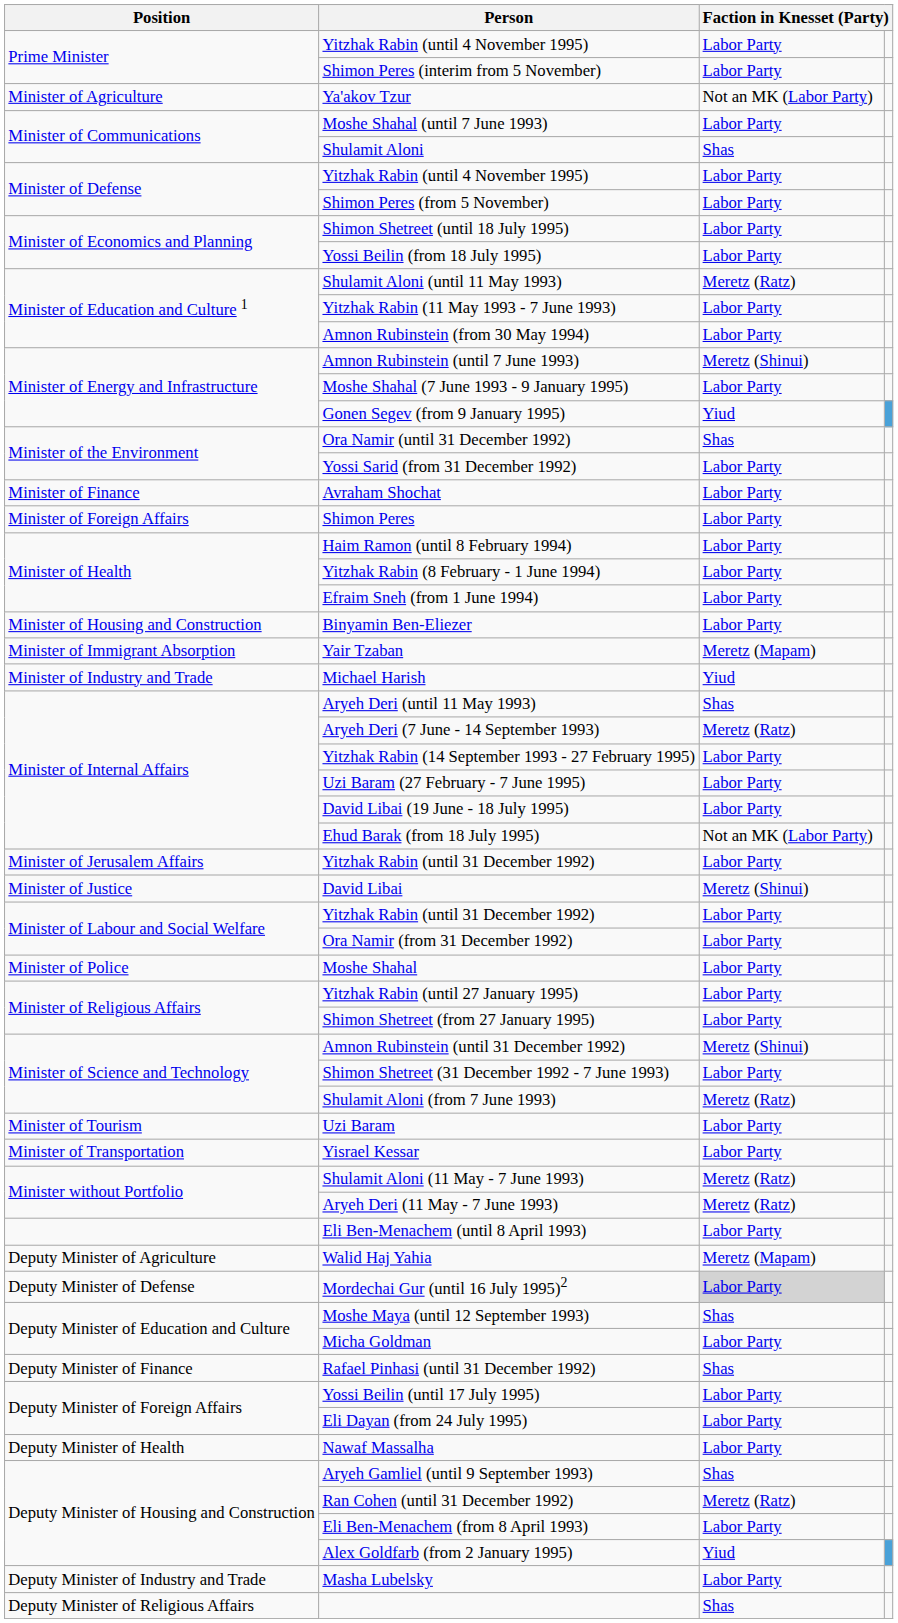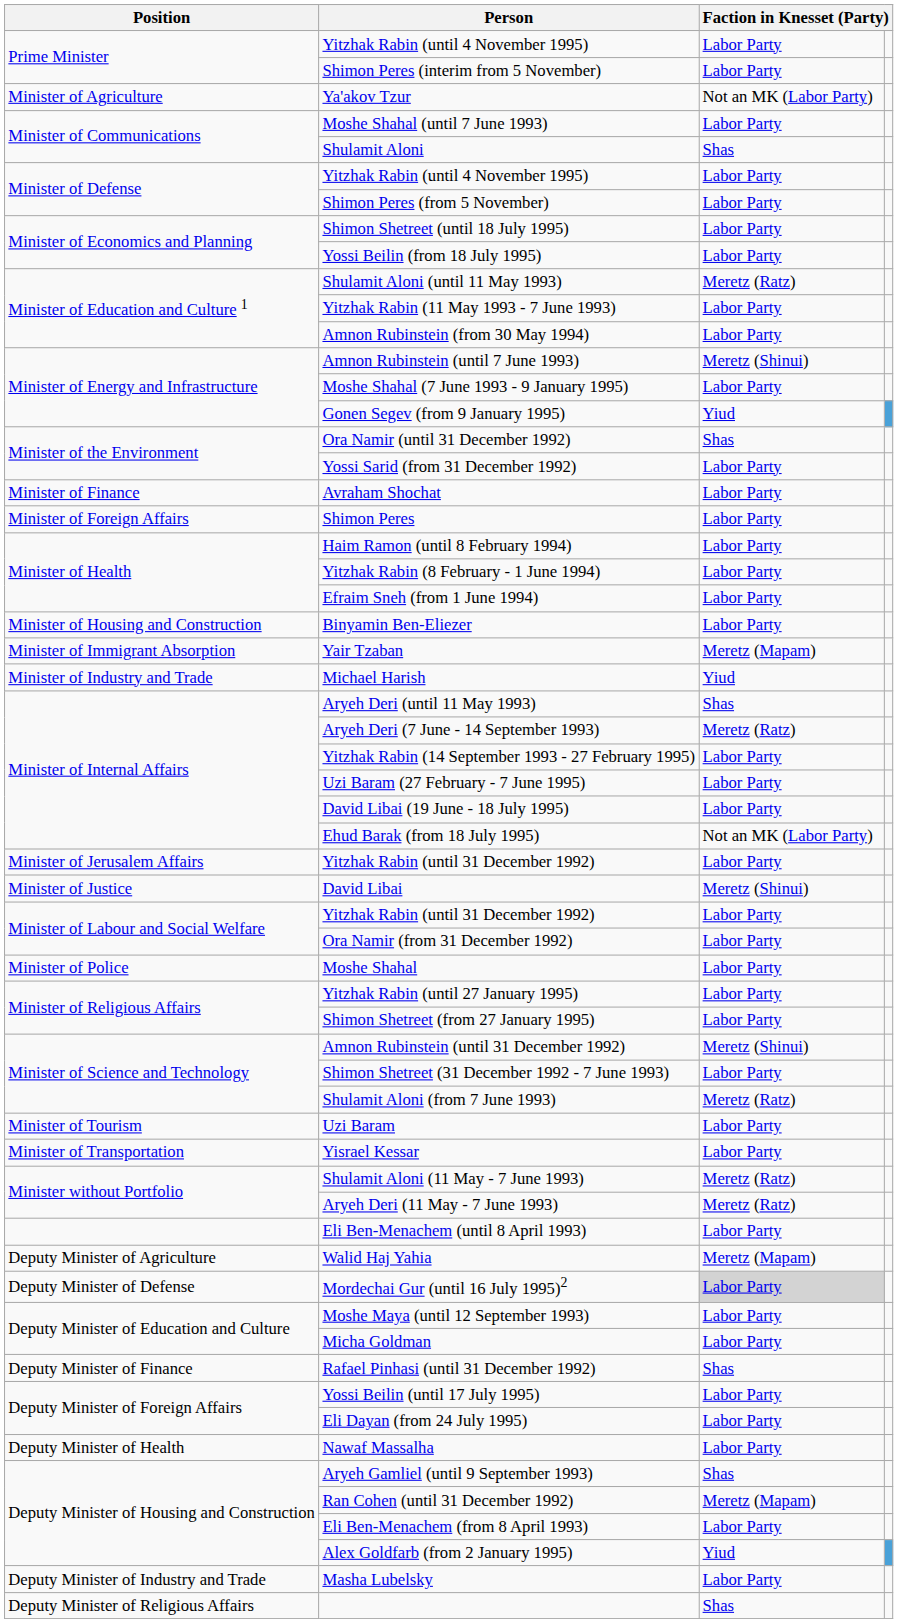 <table class=wikitable style="text-align:left">
 <tr>
 <th>Position</th>
 <th>Person</th>
 <th colspan=2>Faction in Knesset (Party)</th>
 </tr>
 <tr>
 <td rowspan=2><a href='#'>Prime Minister</a></td>
 <td><a href='#'>Yitzhak Rabin</a> (until 4 November 1995)</td>
 <td><a href='#'>Labor Party</a></td>
 <td style="background:"></td>
 </tr>
 <tr>
 <td><a href='#'>Shimon Peres</a> (interim from 5 November)</td>
 <td><a href='#'>Labor Party</a></td>
 <td style="background:"></td>
 </tr>
 <tr>
 <td><a href='#'>Minister of Agriculture</a></td>
 <td><a href='#'>Ya'akov Tzur</a></td>
 <td>Not an MK (<a href='#'>Labor Party</a>)</td>
 <td style="background:"></td>
 </tr>
 <tr>
 <td rowspan=2><a href='#'>Minister of Communications</a></td>
 <td><a href='#'>Moshe Shahal</a> (until 7 June 1993)</td>
 <td><a href='#'>Labor Party</a></td>
 <td style="background:"></td>
 </tr>
 <tr>
 <td><a href='#'>Shulamit Aloni</a></td>
 <td><a href='#'>Shas</a></td>
 <td style="background:"></td>
 </tr>
 <tr>
 <td rowspan=2><a href='#'>Minister of Defense</a></td>
 <td><a href='#'>Yitzhak Rabin</a> (until 4 November 1995)</td>
 <td><a href='#'>Labor Party</a></td>
 <td style="background:"></td>
 </tr>
 <tr>
 <td><a href='#'>Shimon Peres</a> (from 5 November)</td>
 <td><a href='#'>Labor Party</a></td>
 <td style="background:"></td>
 </tr>
 <tr>
 <td rowspan=2><a href='#'>Minister of Economics and Planning</a></td>
 <td><a href='#'>Shimon Shetreet</a> (until 18 July 1995)</td>
 <td><a href='#'>Labor Party</a></td>
 <td style="background:"></td>
 </tr>
 <tr>
 <td><a href='#'>Yossi Beilin</a> (from 18 July 1995)</td>
 <td><a href='#'>Labor Party</a></td>
 <td style="background:"></td>
 </tr>
 <tr>
 <td rowspan=3><a href='#'>Minister of Education and Culture</a> <sup>1</sup></td>
 <td><a href='#'>Shulamit Aloni</a> (until 11 May 1993)</td>
 <td><a href='#'>Meretz</a> (<a href='#'>Ratz</a>)</td>
 <td style="background:"></td>
 </tr>
 <tr>
 <td><a href='#'>Yitzhak Rabin</a> (11 May 1993 - 7 June 1993)</td>
 <td><a href='#'>Labor Party</a></td>
 <td style="background:"></td>
 </tr>
 <tr>
 <td><a href='#'>Amnon Rubinstein</a> (from 30 May 1994)</td>
 <td><a href='#'>Labor Party</a></td>
 <td style="background:"></td>
 </tr>
 <tr>
 <td rowspan=3><a href='#'>Minister of Energy and Infrastructure</a></td>
 <td><a href='#'>Amnon Rubinstein</a> (until 7 June 1993)</td>
 <td><a href='#'>Meretz</a> (<a href='#'>Shinui</a>)</td>
 <td style="background:"></td>
 </tr>
 <tr>
 <td><a href='#'>Moshe Shahal</a> (7 June 1993 - 9 January 1995)</td>
 <td><a href='#'>Labor Party</a></td>
 <td style="background:"></td>
 </tr>
 <tr>
 <td><a href='#'>Gonen Segev</a> (from 9 January 1995)</td>
 <td><a href='#'>Yiud</a></td>
 <td style="background:#49A1D8"></td>
 </tr>
 <tr>
 <td rowspan=2><a href='#'>Minister of the Environment</a></td>
 <td><a href='#'>Ora Namir</a> (until 31 December 1992)</td>
 <td><a href='#'>Shas</a></td>
 <td style="background:"></td>
 </tr>
 <tr>
 <td><a href='#'>Yossi Sarid</a> (from 31 December 1992)</td>
 <td><a href='#'>Labor Party</a></td>
 <td style="background:"></td>
 </tr>
 <tr>
 <td><a href='#'>Minister of Finance</a></td>
 <td><a href='#'>Avraham Shochat</a></td>
 <td><a href='#'>Labor Party</a></td>
 <td style="background:"></td>
 </tr>
 <tr>
 <td><a href='#'>Minister of Foreign Affairs</a></td>
 <td><a href='#'>Shimon Peres</a></td>
 <td><a href='#'>Labor Party</a></td>
 <td style="background:"></td>
 </tr>
 <tr>
 <td rowspan=3><a href='#'>Minister of Health</a></td>
 <td><a href='#'>Haim Ramon</a> (until 8 February 1994)</td>
 <td><a href='#'>Labor Party</a></td>
 <td style="background:"></td>
 </tr>
 <tr>
 <td><a href='#'>Yitzhak Rabin</a> (8 February - 1 June 1994)</td>
 <td><a href='#'>Labor Party</a></td>
 <td style="background:"></td>
 </tr>
 <tr>
 <td><a href='#'>Efraim Sneh</a> (from 1 June 1994)</td>
 <td><a href='#'>Labor Party</a></td>
 <td style="background:"></td>
 </tr>
 <tr>
 <td><a href='#'>Minister of Housing and Construction</a></td>
 <td><a href='#'>Binyamin Ben-Eliezer</a></td>
 <td><a href='#'>Labor Party</a></td>
 <td style="background:"></td>
 </tr>
 <tr>
 <td><a href='#'>Minister of Immigrant Absorption</a></td>
 <td><a href='#'>Yair Tzaban</a></td>
 <td><a href='#'>Meretz</a> (<a href='#'>Mapam</a>)</td>
 <td style="background:"></td>
 </tr>
 <tr>
 <td><a href='#'>Minister of Industry and Trade</a></td>
 <td><a href='#'>Michael Harish</a></td>
 <td><a href='#'>Yiud</a></td>
 <td style="background:"></td>
 </tr>
 <tr>
 <td rowspan=6><a href='#'>Minister of Internal Affairs</a></td>
 <td><a href='#'>Aryeh Deri</a> (until 11 May 1993)</td>
 <td><a href='#'>Shas</a></td>
 <td style="background:"></td>
 </tr>
 <tr>
 <td><a href='#'>Aryeh Deri</a> (7 June - 14 September 1993)</td>
 <td><a href='#'>Meretz</a> (<a href='#'>Ratz</a>)</td>
 <td style="background:"></td>
 </tr>
 <tr>
 <td><a href='#'>Yitzhak Rabin</a> (14 September 1993 - 27 February 1995)</td>
 <td><a href='#'>Labor Party</a></td>
 <td style="background:"></td>
 </tr>
 <tr>
 <td><a href='#'>Uzi Baram</a> (27 February - 7 June 1995)</td>
 <td><a href='#'>Labor Party</a></td>
 <td style="background:"></td>
 </tr>
 <tr>
 <td><a href='#'>David Libai</a> (19 June - 18 July 1995)</td>
 <td><a href='#'>Labor Party</a></td>
 <td style="background:"></td>
 </tr>
 <tr>
 <td><a href='#'>Ehud Barak</a> (from 18 July 1995)</td>
 <td>Not an MK (<a href='#'>Labor Party</a>)</td>
 <td style="background:"></td>
 </tr>
 <tr>
 <td><a href='#'>Minister of Jerusalem Affairs</a></td>
 <td><a href='#'>Yitzhak Rabin</a> (until 31 December 1992)</td>
 <td><a href='#'>Labor Party</a></td>
 <td style="background:"></td>
 </tr>
 <tr>
 <td><a href='#'>Minister of Justice</a></td>
 <td><a href='#'>David Libai</a></td>
 <td><a href='#'>Meretz</a> (<a href='#'>Shinui</a>)</td>
 <td style="background:"></td>
 </tr>
 <tr>
 <td rowspan=2><a href='#'>Minister of Labour and Social Welfare</a></td>
 <td><a href='#'>Yitzhak Rabin</a> (until 31 December 1992)</td>
 <td><a href='#'>Labor Party</a></td>
 <td style="background:"></td>
 </tr>
 <tr>
 <td><a href='#'>Ora Namir</a> (from 31 December 1992)</td>
 <td><a href='#'>Labor Party</a></td>
 <td style="background:"></td>
 </tr>
 <tr>
 <td><a href='#'>Minister of Police</a></td>
 <td><a href='#'>Moshe Shahal</a></td>
 <td><a href='#'>Labor Party</a></td>
 <td style="background:"></td>
 </tr>
 <tr>
 <td rowspan=2><a href='#'>Minister of Religious Affairs</a></td>
 <td><a href='#'>Yitzhak Rabin</a> (until 27 January 1995)</td>
 <td><a href='#'>Labor Party</a></td>
 <td style="background:"></td>
 </tr>
 <tr>
 <td><a href='#'>Shimon Shetreet</a> (from 27 January 1995)</td>
 <td><a href='#'>Labor Party</a></td>
 <td style="background:"></td>
 </tr>
 <tr>
 <td rowspan=3><a href='#'>Minister of Science and Technology</a></td>
 <td><a href='#'>Amnon Rubinstein</a> (until 31 December 1992)</td>
 <td><a href='#'>Meretz</a> (<a href='#'>Shinui</a>)</td>
 <td style="background:"></td>
 </tr>
 <tr>
 <td><a href='#'>Shimon Shetreet</a> (31 December 1992 - 7 June 1993)</td>
 <td><a href='#'>Labor Party</a></td>
 <td style="background:"></td>
 </tr>
 <tr>
 <td><a href='#'>Shulamit Aloni</a> (from 7 June 1993)</td>
 <td><a href='#'>Meretz</a> (<a href='#'>Ratz</a>)</td>
 <td style="background:"></td>
 </tr>
 <tr>
 <td><a href='#'>Minister of Tourism</a></td>
 <td><a href='#'>Uzi Baram</a></td>
 <td><a href='#'>Labor Party</a></td>
 <td style="background:"></td>
 </tr>
 <tr>
 <td><a href='#'>Minister of Transportation</a></td>
 <td><a href='#'>Yisrael Kessar</a></td>
 <td><a href='#'>Labor Party</a></td>
 <td style="background:"></td>
 </tr>
 <tr>
 <td rowspan=2><a href='#'>Minister without Portfolio</a></td>
 <td><a href='#'>Shulamit Aloni</a> (11 May - 7 June 1993)</td>
 <td><a href='#'>Meretz</a> (<a href='#'>Ratz</a>)</td>
 <td style="background:"></td>
 </tr>
 <tr>
 <td><a href='#'>Aryeh Deri</a> (11 May - 7 June 1993)</td>
 <td><a href='#'>Meretz</a> (<a href='#'>Ratz</a>)</td>
 <td style="background:"></td>
 </tr>
 <tr>
 <td></td>
 <td><a href='#'>Eli Ben-Menachem</a> (until 8 April 1993)</td>
 <td><a href='#'>Labor Party</a></td>
 <td style="background:"></td>
 </tr>
 <tr>
 <td>Deputy Minister of Agriculture</td>
 <td><a href='#'>Walid Haj Yahia</a></td>
 <td><a href='#'>Meretz</a> (<a href='#'>Mapam</a>)</td>
 <td style="background:"></td>
 </tr>
 <tr>
 <td>Deputy Minister of Defense</td>
 <td><a href='#'>Mordechai Gur</a> (until 16 July 1995)<sup>2</sup></td>
 <td style="background: lightgrey;"><a href='#'>Labor Party</a></td>
 <td style="background:"></td>
 </tr>
 <tr>
 <td rowspan=2>Deputy Minister of Education and Culture</td>
 <td><a href='#'>Moshe Maya</a> (until 12 September 1993)</td>
-<td><a href='#'>Shas</a></td>
+<td><a href='#'>Labor Party</a></td>
 <td style="background:"></td>
 </tr>
 <tr>
 <td><a href='#'>Micha Goldman</a></td>
 <td><a href='#'>Labor Party</a></td>
 <td style="background:"></td>
 </tr>
 <tr>
 <td>Deputy Minister of Finance</td>
 <td><a href='#'>Rafael Pinhasi</a> (until 31 December 1992)</td>
 <td><a href='#'>Shas</a></td>
 <td style="background:"></td>
 </tr>
 <tr>
 <td rowspan=2>Deputy Minister of Foreign Affairs</td>
 <td><a href='#'>Yossi Beilin</a> (until 17 July 1995)</td>
 <td><a href='#'>Labor Party</a></td>
 <td style="background:"></td>
 </tr>
 <tr>
 <td><a href='#'>Eli Dayan</a> (from 24 July 1995)</td>
 <td><a href='#'>Labor Party</a></td>
 <td style="background:"></td>
 </tr>
 <tr>
 <td>Deputy Minister of Health</td>
 <td><a href='#'>Nawaf Massalha</a></td>
 <td><a href='#'>Labor Party</a></td>
 <td style="background:"></td>
 </tr>
 <tr>
 <td rowspan=4>Deputy Minister of Housing and Construction</td>
 <td><a href='#'>Aryeh Gamliel</a> (until 9 September 1993)</td>
 <td><a href='#'>Shas</a></td>
 <td style="background:"></td>
 </tr>
 <tr>
 <td><a href='#'>Ran Cohen</a> (until 31 December 1992)</td>
-<td><a href='#'>Meretz</a> (<a href='#'>Ratz</a>)</td>
+<td><a href='#'>Meretz</a> (<a href='#'>Mapam</a>)</td>
 <td style="background:"></td>
 </tr>
 <tr>
 <td><a href='#'>Eli Ben-Menachem</a> (from 8 April 1993)</td>
 <td><a href='#'>Labor Party</a></td>
 <td style="background:"></td>
 </tr>
 <tr>
 <td><a href='#'>Alex Goldfarb</a> (from 2 January 1995)</td>
 <td><a href='#'>Yiud</a></td>
 <td style="background:#49A1D8"></td>
 </tr>
 <tr>
 <td>Deputy Minister of Industry and Trade</td>
 <td><a href='#'>Masha Lubelsky</a></td>
 <td><a href='#'>Labor Party</a></td>
 <td style="background:"></td>
 </tr>
 <tr>
 <td>Deputy Minister of Religious Affairs</td>
 <td></td>
 <td><a href='#'>Shas</a></td>
 <td style="background:"></td>
 </tr>
 </table>
